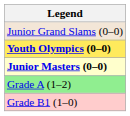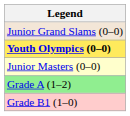 <table class=wikitable>
 <tr>
 <th>Legend</th>
 </tr>
 <tr style="background:#F3E6D7;">
 <td><a href='#'>Junior Grand Slams</a> (0–0)</td>
 </tr>
 <tr style="background:#ffea5c;">
 <td><strong><a href='#'>Youth Olympics</a> (0–0)</strong></td>
 </tr>
 <tr style="background:#FFFFCC;">
-<td><strong><a href='#'>Junior Masters</a> (0–0)</strong></td>
+<td><a href='#'>Junior Masters</a> (0–0)</td>
 </tr>
 <tr bgcolor="lightgreen">
 <td><a href='#'>Grade A</a> (1–2)</td>
 </tr>
 <tr bgcolor="#ffcccc">
 <td><a href='#'>Grade B1</a> (1–0)</td>
 </tr>
 </table>
